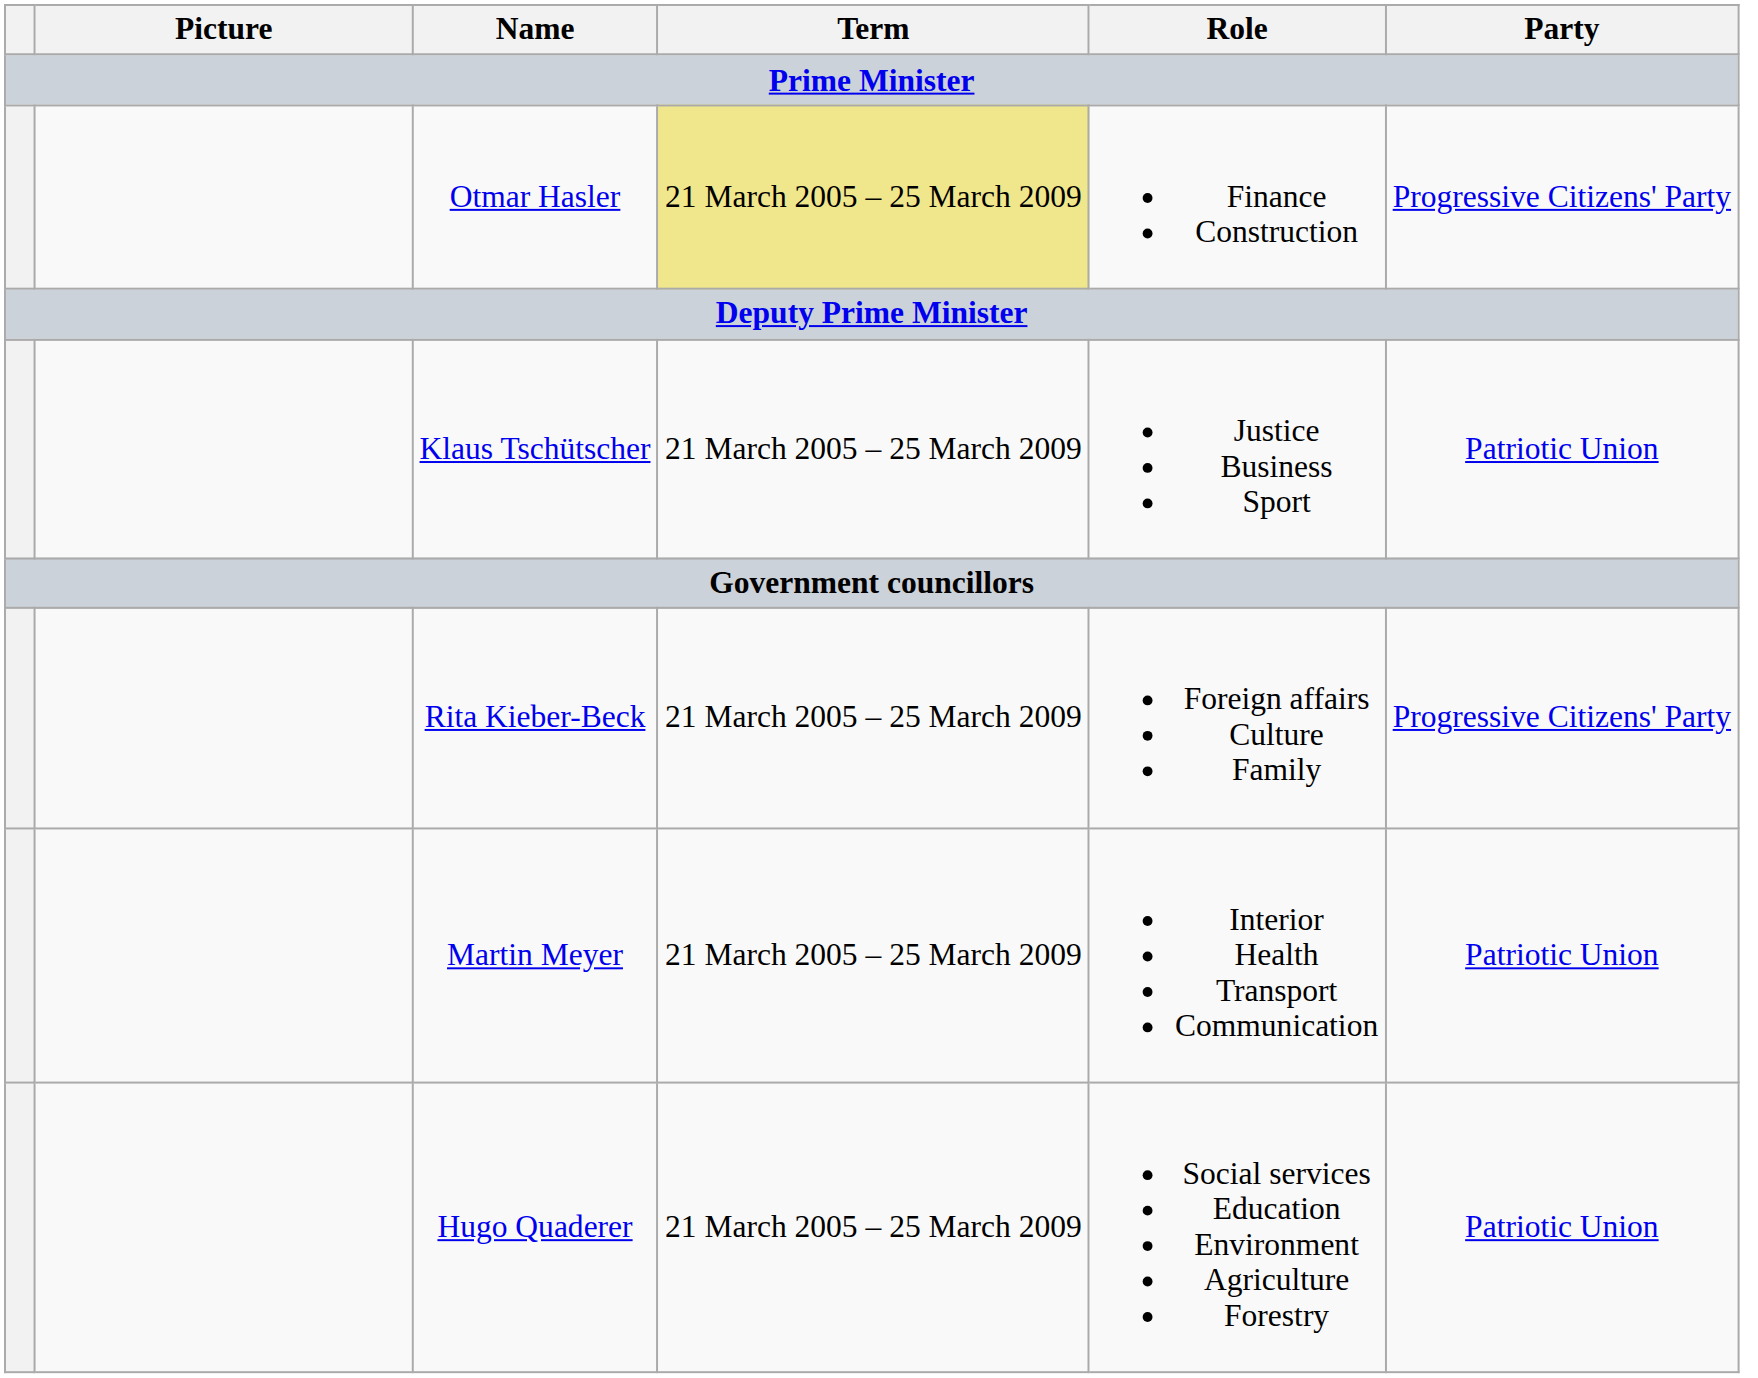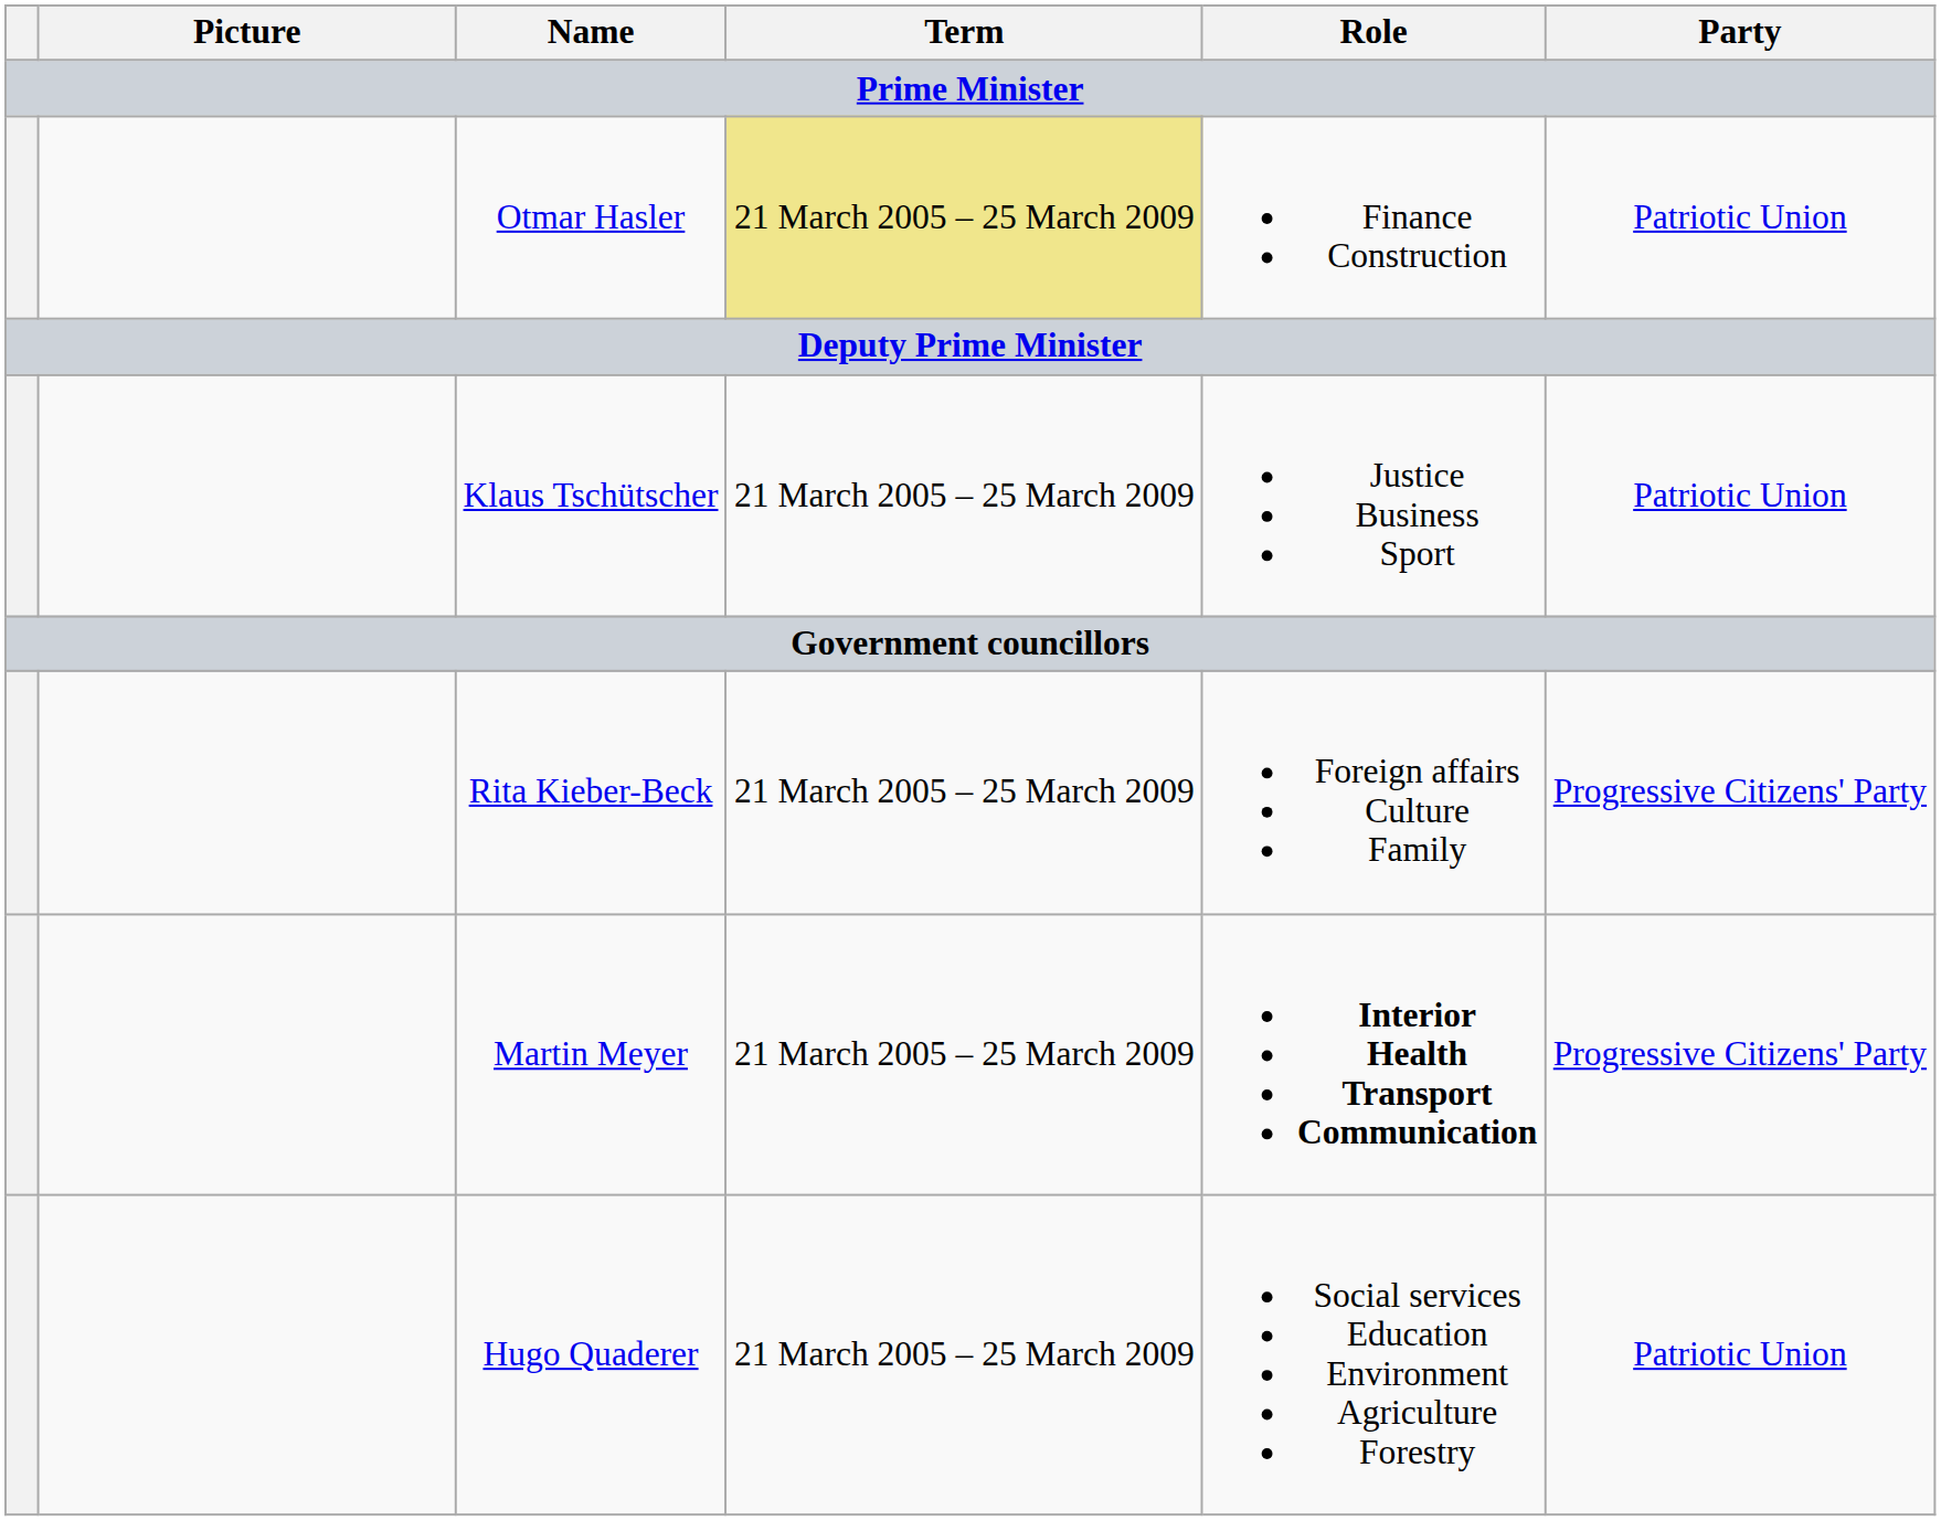 <table class="wikitable" style="text-align:center">
 <tr>
 <th style="width: 0.5em"></th>
 <th style="width: 11.5em">Picture</th>
 <th>Name</th>
 <th>Term</th>
 <th>Role</th>
 <th>Party</th>
 </tr>
 <tr>
 <th colspan="7" style="background:#CCD2D9"><a href='#'>Prime Minister</a></th>
 </tr>
 <tr>
 <th style="background:"></th>
 <td></td>
 <td><a href='#'>Otmar Hasler</a></td>
 <td style="background: khaki; text-align:left">21 March 2005 – 25 March 2009</td>
 <td><br><ul><li>Finance</li><li>Construction</li></ul></td>
-<td><a href='#'>Progressive Citizens' Party</a></td>
+<td><a href='#'>Patriotic Union</a></td>
 </tr>
 <tr>
 <th colspan="7" style="background:#CCD2D9"><a href='#'>Deputy Prime Minister</a></th>
 </tr>
 <tr>
 <th style="background:"></th>
 <td></td>
 <td><a href='#'>Klaus Tschütscher</a></td>
 <td style="text-align:left">21 March 2005 – 25 March 2009</td>
 <td><br><ul><li>Justice</li><li>Business</li><li>Sport</li></ul></td>
 <td><a href='#'>Patriotic Union</a></td>
 </tr>
 <tr>
 <th colspan="7" style="background:#CCD2D9">Government councillors</th>
 </tr>
 <tr>
 <th style="background:"></th>
 <td></td>
 <td><a href='#'>Rita Kieber-Beck</a></td>
 <td style="text-align:left">21 March 2005 – 25 March 2009</td>
 <td><br><ul><li>Foreign affairs</li><li>Culture</li><li>Family</li></ul></td>
 <td><a href='#'>Progressive Citizens' Party</a></td>
 </tr>
 <tr>
 <th style="background:"></th>
 <td></td>
 <td><a href='#'>Martin Meyer</a></td>
 <td>21 March 2005 – 25 March 2009</td>
-<td><br><ul><li>Interior</li><li>Health</li><li>Transport</li><li>Communication</li></ul></td>
-<td><a href='#'>Patriotic Union</a></td>
+<td><strong><br><ul><li>Interior</li><li>Health</li><li>Transport</li><li>Communication</li></ul></strong></td>
+<td><a href='#'>Progressive Citizens' Party</a></td>
 </tr>
 <tr>
 <th style="background:"></th>
 <td></td>
 <td><a href='#'>Hugo Quaderer</a></td>
 <td>21 March 2005 – 25 March 2009</td>
 <td><br><ul><li>Social services</li><li>Education</li><li>Environment</li><li>Agriculture</li><li>Forestry</li></ul></td>
 <td><a href='#'>Patriotic Union</a></td>
 </tr>
 </table>
